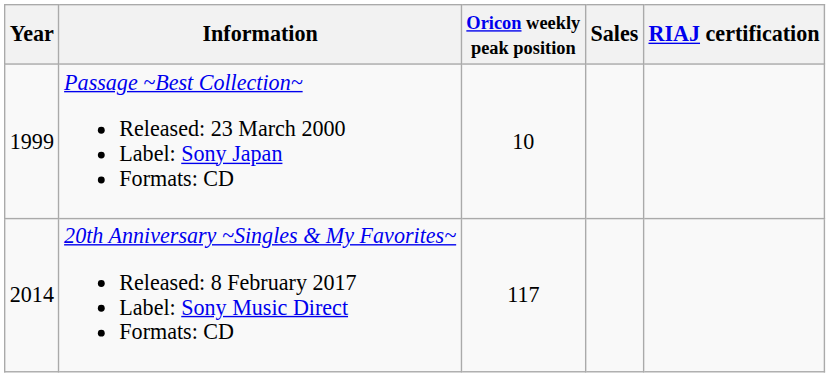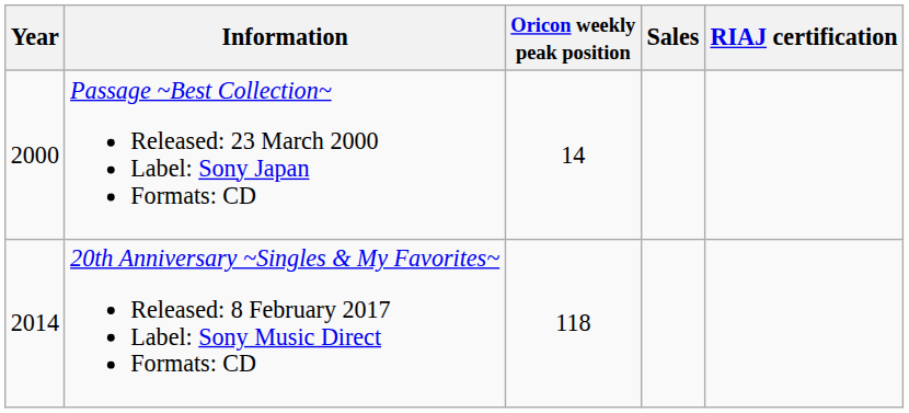 <table class="wikitable">
 <tr>
 <th>Year</th>
 <th>Information</th>
 <th><small><a href='#'>Oricon</a> weekly<br>peak position</small></th>
 <th>Sales<br></th>
 <th><a href='#'>RIAJ</a> certification</th>
 </tr>
 <tr>
-<td>1999</td>
+<td>2000</td>
 <td><em><a href='#'>Passage ~Best Collection~</a></em><br><ul><li>Released: 23 March 2000</li><li>Label: <a href='#'>Sony Japan</a></li><li>Formats: CD</li></ul></td>
-<td style="text-align:center;">10</td>
+<td style="text-align:center;">14</td>
 <td align="left"></td>
 <td align="left"></td>
 </tr>
 <tr>
 <td>2014</td>
 <td><em><a href='#'>20th Anniversary ~Singles & My Favorites~</a></em><br><ul><li>Released: 8 February 2017</li><li>Label: <a href='#'>Sony Music Direct</a></li><li>Formats: CD</li></ul></td>
-<td style="text-align:center;">117</td>
+<td style="text-align:center;">118</td>
 <td align="left"></td>
 <td align="left"></td>
 </tr>
 </table>
